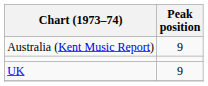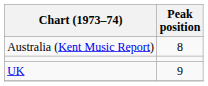 <table class="wikitable sortable">
 <tr>
 <th>Chart (1973–74)</th>
 <th>Peak<br>position</th>
 </tr>
 <tr>
 <td>Australia (<a href='#'>Kent Music Report</a>)</td>
-<td style="text-align:center;">9</td>
+<td style="text-align:center;">8</td>
 </tr>
 <tr>
 <td></td>
 </tr>
 <tr>
 <td><a href='#'>UK</a></td>
 <td style="text-align:center;">9</td>
 </tr>
 <tr>
 </tr>
 </table>
